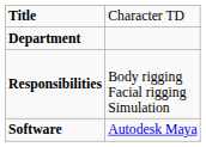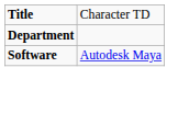 <table class="wikitable">
 <tr>
 <td><strong>Title</strong></td>
 <td>Character TD</td>
 </tr>
 <tr>
 <td><strong>Department</strong></td>
 <td></td>
 </tr>
 <tr>
-<td><strong>Responsibilities</strong></td>
-<td><br>Body rigging<br> Facial rigging<br> Simulation<br></td>
-</tr>
-<tr>
 <td><strong>Software</strong></td>
 <td><a href='#'>Autodesk Maya</a></td>
 </tr>
 </table>
